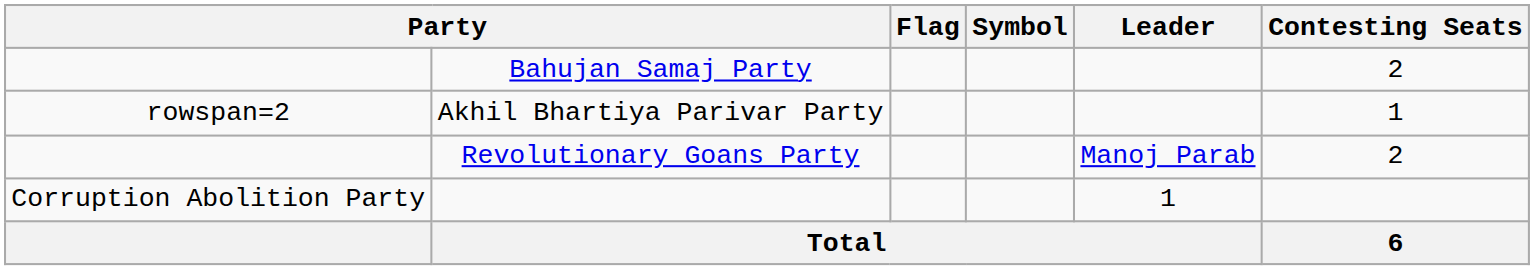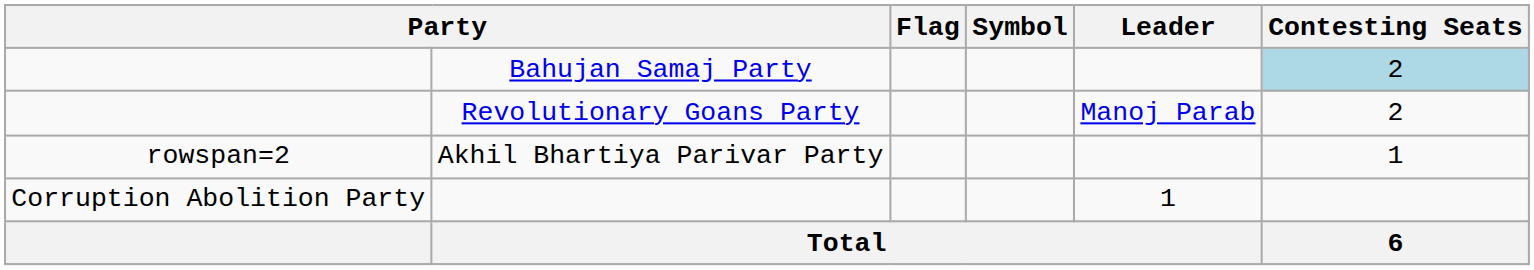 <table class="wikitable " style="text-align:center">
 <tr>
 <th colspan="2">Party</th>
 <th>Flag</th>
 <th>Symbol</th>
 <th>Leader</th>
 <th>Contesting Seats</th>
 </tr>
 <tr>
 <td></td>
 <td><a href='#'>Bahujan Samaj Party</a></td>
 <td></td>
 <td></td>
 <td></td>
+<td style="background: lightblue;">2</td>
+</tr>
+<tr>
+<td></td>
+<td><a href='#'>Revolutionary Goans Party</a></td>
+<td></td>
+<td></td>
+<td><a href='#'>Manoj Parab</a></td>
 <td>2</td>
 </tr>
 <tr>
 <td>rowspan=2 </td>
 <td>Akhil Bhartiya Parivar Party</td>
 <td></td>
 <td></td>
 <td></td>
 <td>1</td>
-</tr>
-<tr>
-<td></td>
-<td><a href='#'>Revolutionary Goans Party</a></td>
-<td></td>
-<td></td>
-<td><a href='#'>Manoj Parab</a></td>
-<td>2</td>
 </tr>
 <tr>
 <td>Corruption Abolition Party</td>
 <td></td>
 <td></td>
 <td></td>
 <td>1</td>
 </tr>
 <tr>
 <th></th>
 <th Colspan=4>Total</th>
 <th>6</th>
 </tr>
 </table>
